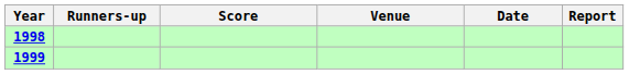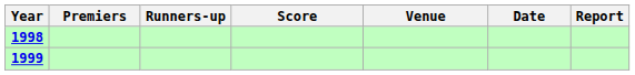 <table class="wikitable sortable" style="text-align:left; text-valign:center">
 <tr>
 <th width=3%>Year</th>
+<th width=10%>Premiers</th>
 <th width=10%>Runners-up</th>
 <th width=16%>Score</th>
 <th width=15%>Venue</th>
 <th width=10%; class=unsortable>Date</th>
 <th width=2%; class=unsortable>Report</th>
 </tr>
 <tr style="background:#C0FFC0;">
 <td align="center"><strong><a href='#'>1998</a></strong></td>
 <td></td>
+<td></td>
 <td align=center></td>
 <td></td>
 <td></td>
 <td align=center></td>
 </tr>
 <tr style="background:#C0FFC0;">
 <td align="center"><strong><a href='#'>1999</a></strong></td>
 <td></td>
+<td></td>
 <td align=center></td>
 <td></td>
 <td></td>
 <td align=center></td>
 </tr>
 </table>
